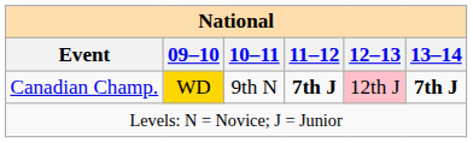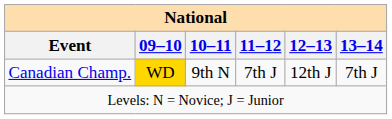 <table class="wikitable" style="text-align:center">
 <tr>
 <th style="background-color: #ffdead; " colspan=6 align=center>National</th>
 </tr>
 <tr>
 <th>Event</th>
 <th><a href='#'>09–10</a></th>
 <th><a href='#'>10–11</a></th>
 <th><a href='#'>11–12</a></th>
 <th><a href='#'>12–13</a></th>
 <th><a href='#'>13–14</a></th>
 </tr>
 <tr>
 <td align=left><a href='#'>Canadian Champ.</a></td>
 <td style="background: gold;">WD</td>
 <td>9th N</td>
-<td><strong>7th J</strong></td>
-<td style="background: pink;">12th J</td>
-<td><strong>7th J</strong></td>
+<td>7th J</td>
+<td>12th J</td>
+<td>7th J</td>
 </tr>
 <tr>
 <td colspan=6 align=center><small> Levels: N = Novice; J = Junior </small></td>
 </tr>
 </table>
